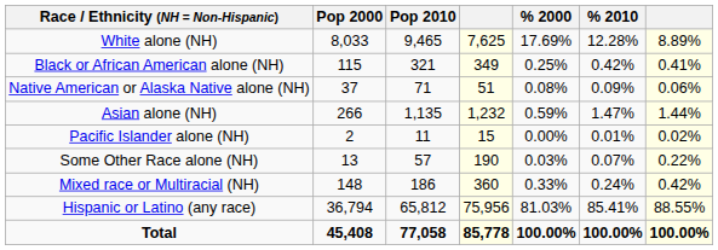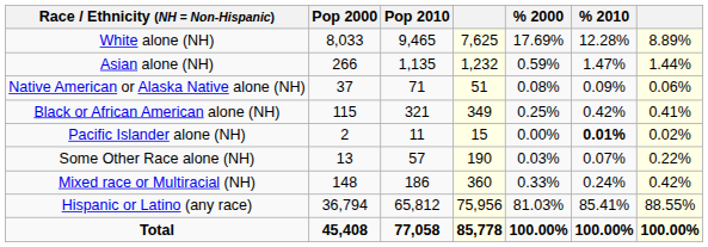 <table class="wikitable" style="text-align:center;">
 <tr>
 <th>Race / Ethnicity <small>(<em>NH = Non-Hispanic</em>)</small></th>
 <th>Pop 2000</th>
 <th>Pop 2010</th>
 <th></th>
 <th>% 2000</th>
 <th>% 2010</th>
 <th></th>
 </tr>
 <tr>
 <td><a href='#'>White</a> alone (NH)</td>
 <td>8,033</td>
 <td>9,465</td>
 <td style='background: #ffffe6;'>7,625</td>
 <td>17.69%</td>
 <td>12.28%</td>
 <td style='background: #ffffe6;'>8.89%</td>
 </tr>
 <tr>
-<td><a href='#'>Black or African American</a> alone (NH)</td>
-<td>115</td>
-<td>321</td>
-<td style='background: #ffffe6;'>349</td>
-<td>0.25%</td>
-<td>0.42%</td>
-<td style='background: #ffffe6;'>0.41%</td>
+<td><a href='#'>Asian</a> alone (NH)</td>
+<td>266</td>
+<td>1,135</td>
+<td style='background: #ffffe6;'>1,232</td>
+<td>0.59%</td>
+<td>1.47%</td>
+<td style='background: #ffffe6;'>1.44%</td>
 </tr>
 <tr>
 <td><a href='#'>Native American</a> or <a href='#'>Alaska Native</a> alone (NH)</td>
 <td>37</td>
 <td>71</td>
 <td style='background: #ffffe6;'>51</td>
 <td>0.08%</td>
 <td>0.09%</td>
 <td style='background: #ffffe6;'>0.06%</td>
 </tr>
 <tr>
-<td><a href='#'>Asian</a> alone (NH)</td>
-<td>266</td>
-<td>1,135</td>
-<td style='background: #ffffe6;'>1,232</td>
-<td>0.59%</td>
-<td>1.47%</td>
-<td style='background: #ffffe6;'>1.44%</td>
+<td><a href='#'>Black or African American</a> alone (NH)</td>
+<td>115</td>
+<td>321</td>
+<td style='background: #ffffe6;'>349</td>
+<td>0.25%</td>
+<td>0.42%</td>
+<td style='background: #ffffe6;'>0.41%</td>
 </tr>
 <tr>
 <td><a href='#'>Pacific Islander</a> alone (NH)</td>
 <td>2</td>
 <td>11</td>
 <td style='background: #ffffe6;'>15</td>
 <td>0.00%</td>
-<td>0.01%</td>
+<td><strong>0.01%</strong></td>
 <td style='background: #ffffe6;'>0.02%</td>
 </tr>
 <tr>
 <td>Some Other Race alone (NH)</td>
 <td>13</td>
 <td>57</td>
 <td style='background: #ffffe6;'>190</td>
 <td>0.03%</td>
 <td>0.07%</td>
 <td style='background: #ffffe6;'>0.22%</td>
 </tr>
 <tr>
 <td><a href='#'>Mixed race or Multiracial</a> (NH)</td>
 <td>148</td>
 <td>186</td>
 <td style='background: #ffffe6;'>360</td>
 <td>0.33%</td>
 <td>0.24%</td>
 <td style='background: #ffffe6;'>0.42%</td>
 </tr>
 <tr>
 <td><a href='#'>Hispanic or Latino</a> (any race)</td>
 <td>36,794</td>
 <td>65,812</td>
 <td style='background: #ffffe6;'>75,956</td>
 <td>81.03%</td>
 <td>85.41%</td>
 <td style='background: #ffffe6;'>88.55%</td>
 </tr>
 <tr>
 <td><strong>Total</strong></td>
 <td><strong>45,408</strong></td>
 <td><strong>77,058</strong></td>
 <td style='background: #ffffe6;'><strong>85,778</strong></td>
 <td><strong>100.00%</strong></td>
 <td><strong>100.00%</strong></td>
 <td style='background: #ffffe6;'><strong>100.00%</strong></td>
 </tr>
 </table>
